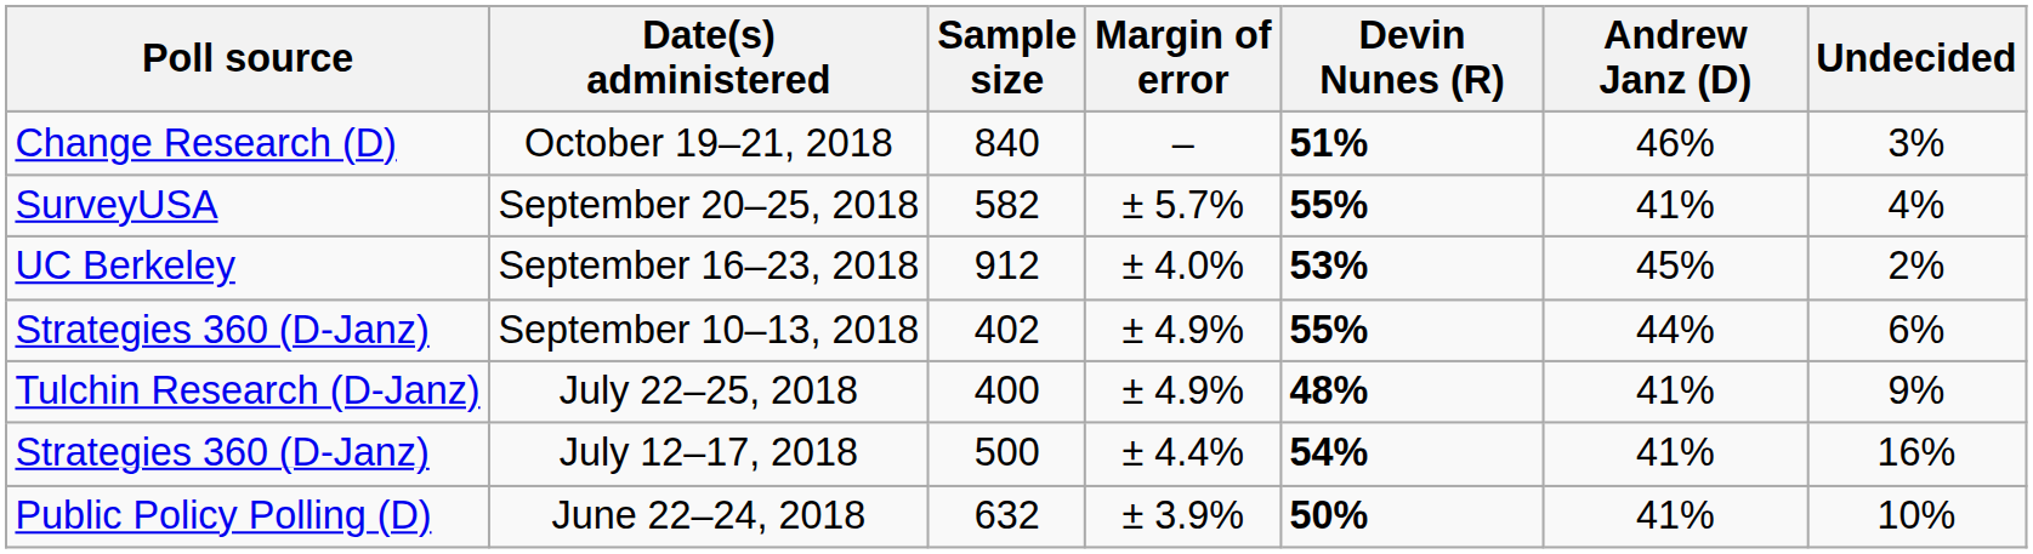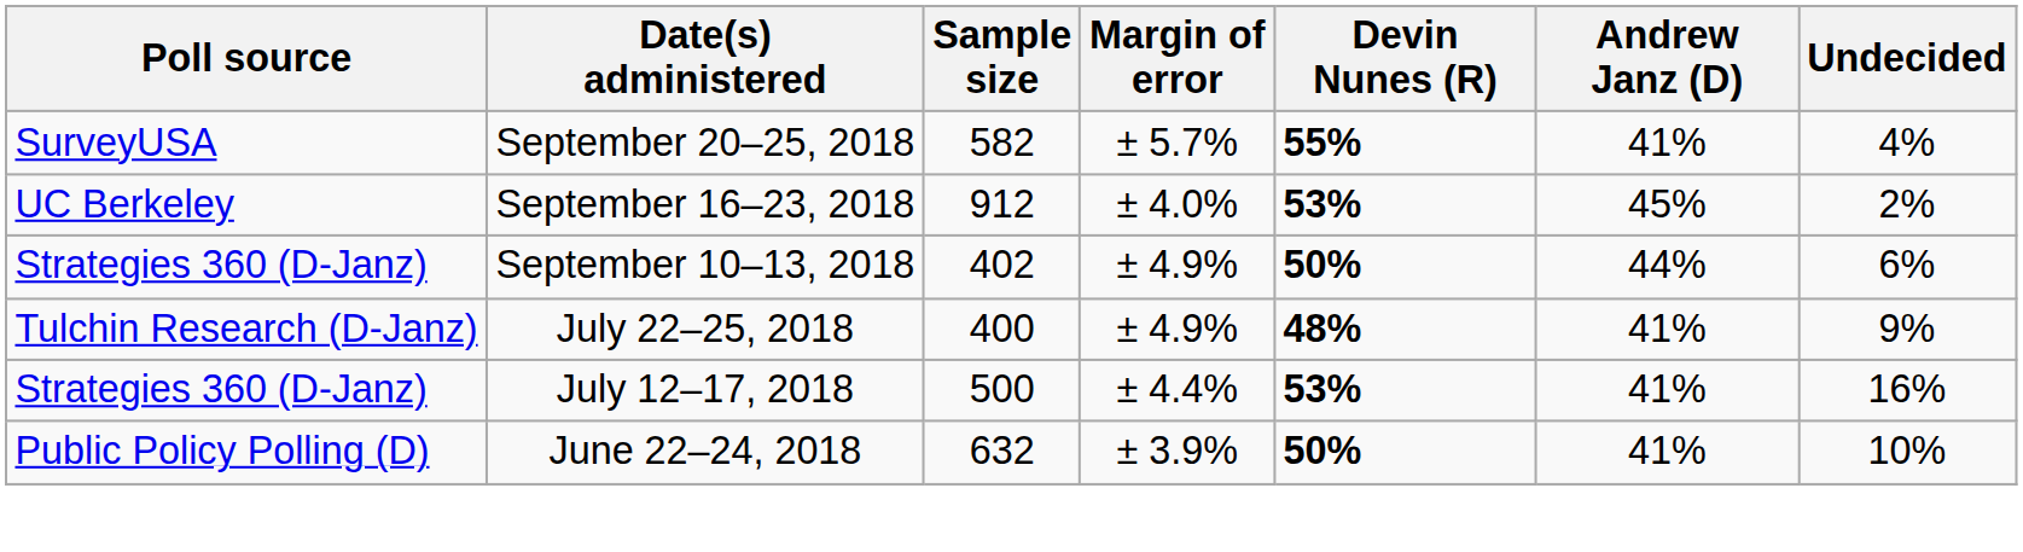 <table class="wikitable">
 <tr>
 <th>Poll source</th>
 <th>Date(s)<br>administered</th>
 <th>Sample<br>size</th>
 <th>Margin of<br>error</th>
 <th style="width:100px;">Devin<br>Nunes (R)</th>
 <th style="width:100px;">Andrew<br>Janz (D)</th>
 <th>Undecided</th>
-</tr>
-<tr>
-<td><a href='#'>Change Research (D)</a></td>
-<td style="text-align:center">October 19–21, 2018</td>
-<td style="text-align:center">840</td>
-<td style="text-align:center">–</td>
-<td style="background-color:"><strong>51%</strong></td>
-<td style="text-align:center">46%</td>
-<td style="text-align:center">3%</td>
 </tr>
 <tr>
 <td><a href='#'>SurveyUSA</a></td>
 <td style="text-align:center">September 20–25, 2018</td>
 <td style="text-align:center">582</td>
 <td style="text-align:center">± 5.7%</td>
 <td style="background-color:"><strong>55%</strong></td>
 <td style="text-align:center">41%</td>
 <td style="text-align:center">4%</td>
 </tr>
 <tr>
 <td><a href='#'>UC Berkeley</a></td>
 <td style="text-align:center">September 16–23, 2018</td>
 <td style="text-align:center">912</td>
 <td style="text-align:center">± 4.0%</td>
 <td style="background-color:"><strong>53%</strong></td>
 <td style="text-align:center">45%</td>
 <td style="text-align:center">2%</td>
 </tr>
 <tr>
 <td><a href='#'>Strategies 360 (D-Janz)</a></td>
 <td style="text-align:center">September 10–13, 2018</td>
 <td style="text-align:center">402</td>
 <td style="text-align:center">± 4.9%</td>
-<td style="background-color:"><strong>55%</strong></td>
+<td style="background-color:"><strong>50%</strong></td>
 <td style="text-align:center">44%</td>
 <td style="text-align:center">6%</td>
 </tr>
 <tr>
 <td><a href='#'>Tulchin Research (D-Janz)</a></td>
 <td style="text-align:center">July 22–25, 2018</td>
 <td style="text-align:center">400</td>
 <td style="text-align:center">± 4.9%</td>
 <td style="background-color:"><strong>48%</strong></td>
 <td style="text-align:center">41%</td>
 <td style="text-align:center">9%</td>
 </tr>
 <tr>
 <td><a href='#'>Strategies 360 (D-Janz)</a></td>
 <td style="text-align:center">July 12–17, 2018</td>
 <td style="text-align:center">500</td>
 <td style="text-align:center">± 4.4%</td>
-<td style="background-color:"><strong>54%</strong></td>
+<td style="background-color:"><strong>53%</strong></td>
 <td style="text-align:center">41%</td>
 <td style="text-align:center">16%</td>
 </tr>
 <tr>
 <td><a href='#'>Public Policy Polling (D)</a></td>
 <td style="text-align:center">June 22–24, 2018</td>
 <td style="text-align:center">632</td>
 <td style="text-align:center">± 3.9%</td>
 <td style="background-color:"><strong>50%</strong></td>
 <td style="text-align:center">41%</td>
 <td style="text-align:center">10%</td>
 </tr>
 </table>
